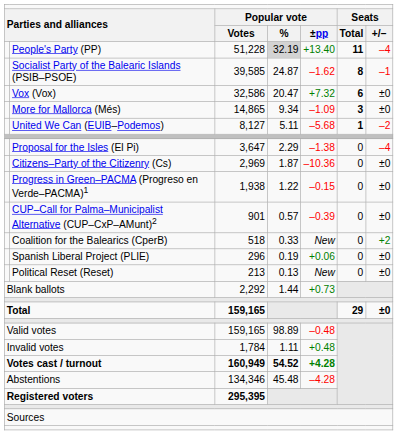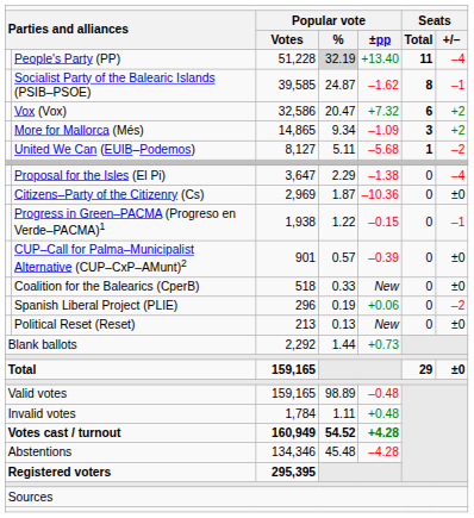 <table class="wikitable" style="text-align:right;">
 <tr>
 <td colspan="7"></td>
 </tr>
 <tr>
 <th style="text-align:left;" rowspan="2" colspan="2" width="525">Parties and alliances</th>
 <th colspan="3">Popular vote</th>
 <th colspan="2">Seats</th>
 </tr>
 <tr>
 <th width="75">Votes</th>
 <th width="45">%</th>
 <th width="45">±<a href='#'>pp</a></th>
 <th width="35">Total</th>
 <th width="35">+/−</th>
 </tr>
 <tr>
 <td style="color:inherit;background:"></td>
 <td align="left"><a href='#'>People's Party</a> (PP)</td>
 <td>51,228</td>
 <td style="background: lightgrey;">32.19</td>
 <td style="color:green;">+13.40</td>
 <td><strong>11</strong></td>
 <td style="color:red;">–4</td>
 </tr>
 <tr>
 <td width="1" style="color:inherit;background:"></td>
 <td align="left"><a href='#'>Socialist Party of the Balearic Islands</a> (PSIB–PSOE)</td>
 <td>39,585</td>
 <td>24.87</td>
 <td style="color:red;">–1.62</td>
 <td><strong>8</strong></td>
 <td style="color:red;">–1</td>
 </tr>
 <tr>
 <td style="color:inherit;background:"></td>
 <td align="left"><a href='#'>Vox</a> (Vox)</td>
 <td>32,586</td>
 <td>20.47</td>
 <td style="color:green;">+7.32</td>
 <td><strong>6</strong></td>
-<td>±0</td>
+<td style="color:green;">+2</td>
 </tr>
 <tr>
 <td style="color:inherit;background:"></td>
 <td align="left"><a href='#'>More for Mallorca</a> (Més)</td>
 <td>14,865</td>
 <td>9.34</td>
 <td style="color:red;">–1.09</td>
 <td><strong>3</strong></td>
-<td>±0</td>
+<td style="color:green;">+2</td>
 </tr>
 <tr>
 <td style="color:inherit;background:"></td>
 <td align="left"><a href='#'>United We Can</a> (<a href='#'>EUIB</a>–<a href='#'>Podemos</a>)</td>
 <td>8,127</td>
 <td>5.11</td>
 <td style="color:red;">–5.68</td>
 <td><strong>1</strong></td>
 <td style="color:red;">–2</td>
 </tr>
 <tr>
 <td colspan="7" bgcolor="#C0C0C0"></td>
 </tr>
 <tr>
 <td style="color:inherit;background:"></td>
 <td align="left"><a href='#'>Proposal for the Isles</a> (El Pi)</td>
 <td>3,647</td>
 <td>2.29</td>
 <td style="color:red;">–1.38</td>
 <td>0</td>
 <td style="color:red;">–4</td>
 </tr>
 <tr>
 <td style="color:inherit;background:"></td>
 <td align="left"><a href='#'>Citizens–Party of the Citizenry</a> (Cs)</td>
 <td>2,969</td>
 <td>1.87</td>
 <td style="color:red;">–10.36</td>
 <td>0</td>
 <td>±0</td>
 </tr>
 <tr>
 <td style="color:inherit;background:"></td>
 <td align="left"><a href='#'>Progress in Green–PACMA</a> (Progreso en Verde–PACMA)<sup>1</sup></td>
 <td>1,938</td>
 <td>1.22</td>
 <td style="color:red;">–0.15</td>
 <td>0</td>
-<td>±0</td>
+<td style="color:red;">–1</td>
 </tr>
 <tr>
 <td style="color:inherit;background:"></td>
 <td align="left"><a href='#'>CUP–Call for Palma–Municipalist Alternative</a> (CUP–CxP–AMunt)<sup>2</sup></td>
 <td>901</td>
 <td>0.57</td>
 <td style="color:red;">–0.39</td>
 <td>0</td>
 <td>±0</td>
 </tr>
 <tr>
 <td style="color:inherit;background:"></td>
 <td align="left">Coalition for the Balearics (CperB)</td>
 <td>518</td>
 <td>0.33</td>
 <td><em>New</em></td>
 <td>0</td>
-<td style="color:green;">+2</td>
+<td>±0</td>
 </tr>
 <tr>
 <td style="color:inherit;background:"></td>
 <td align="left">Spanish Liberal Project (PLIE)</td>
 <td>296</td>
 <td>0.19</td>
 <td style="color:green;">+0.06</td>
 <td>0</td>
-<td>±0</td>
+<td style="color:red;">–2</td>
 </tr>
 <tr>
 <td style="color:inherit;background:"></td>
 <td align="left">Political Reset (Reset)</td>
 <td>213</td>
 <td>0.13</td>
 <td><em>New</em></td>
 <td>0</td>
 <td>±0</td>
 </tr>
 <tr>
 <td align="left" colspan="2">Blank ballots</td>
 <td>2,292</td>
 <td>1.44</td>
 <td style="color:green;">+0.73</td>
 <td bgcolor="#E9E9E9" colspan="2"></td>
 </tr>
 <tr>
 <td colspan="7" bgcolor="#E9E9E9"></td>
 </tr>
 <tr style="font-weight:bold;">
 <td align="left" colspan="2">Total</td>
 <td>159,165</td>
 <td bgcolor="#E9E9E9" colspan="2"></td>
 <td>29</td>
 <td>±0</td>
 </tr>
 <tr>
 <td colspan="7" bgcolor="#E9E9E9"></td>
 </tr>
 <tr>
 <td align="left" colspan="2">Valid votes</td>
 <td>159,165</td>
 <td>98.89</td>
 <td style="color:red;">–0.48</td>
 <td bgcolor="#E9E9E9" colspan="2" rowspan="5"></td>
 </tr>
 <tr>
 <td align="left" colspan="2">Invalid votes</td>
 <td>1,784</td>
 <td>1.11</td>
 <td style="color:green;">+0.48</td>
 </tr>
 <tr style="font-weight:bold;">
 <td align="left" colspan="2">Votes cast / turnout</td>
 <td>160,949</td>
 <td>54.52</td>
 <td style="color:green;">+4.28</td>
 </tr>
 <tr>
 <td align="left" colspan="2">Abstentions</td>
 <td>134,346</td>
 <td>45.48</td>
 <td style="color:red;">–4.28</td>
 </tr>
 <tr style="font-weight:bold;">
 <td align="left" colspan="2">Registered voters</td>
 <td>295,395</td>
 <td bgcolor="#E9E9E9" colspan="2"></td>
 </tr>
 <tr>
 <td colspan="7" bgcolor="#E9E9E9"></td>
 </tr>
 <tr>
 <td align="left" colspan="7">Sources</td>
 </tr>
 <tr>
 <td colspan="7" style="text-align:left; max-width:790px;"></td>
 </tr>
 </table>
